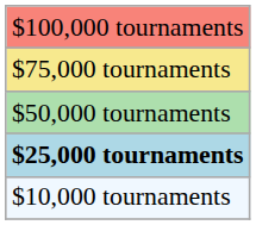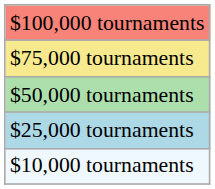 <table class="wikitable" style="font-size:85%">
 <tr style="background:#f88379;">
 <td>$100,000 tournaments</td>
 </tr>
 <tr style="background:#f7e98e;">
 <td>$75,000 tournaments</td>
 </tr>
 <tr style="background:#addfad;">
 <td>$50,000 tournaments</td>
 </tr>
 <tr style="background:lightblue;">
-<td><strong>$25,000 tournaments</strong></td>
+<td>$25,000 tournaments</td>
 </tr>
 <tr style="background:#f0f8ff;">
 <td>$10,000 tournaments</td>
 </tr>
 </table>
